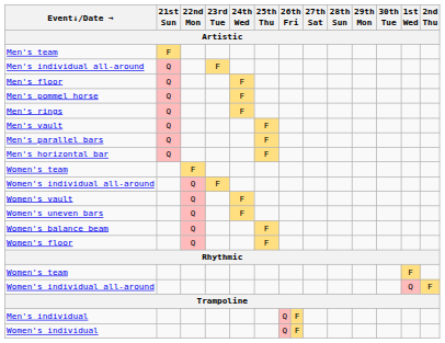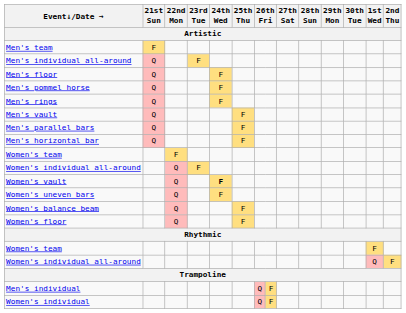 <table class="wikitable" style="margin:0.5em auto; font-size:90%; line-height:1.25em; text-align:center;">
 <tr>
 <th>Event↓/Date →</th>
 <th>21st<br>Sun</th>
 <th>22nd<br>Mon</th>
 <th>23rd<br>Tue</th>
 <th>24th<br>Wed</th>
 <th>25th<br>Thu</th>
 <th colspan=2>26th<br>Fri</th>
 <th>27th<br>Sat</th>
 <th>28th<br>Sun</th>
 <th>29th<br>Mon</th>
 <th>30th<br>Tue</th>
 <th>1st<br>Wed</th>
 <th>2nd<br>Thu</th>
 </tr>
 <tr>
 <th colspan=14>Artistic</th>
 </tr>
 <tr>
 <td align="left"><a href='#'>Men's team</a></td>
 <td bgcolor="#FFDF80">F</td>
 <td></td>
 <td></td>
 <td></td>
 <td></td>
 <td colspan=2></td>
 <td></td>
 <td></td>
 <td></td>
 <td></td>
 <td></td>
 <td></td>
 </tr>
 <tr>
 <td align="left"><a href='#'>Men's individual all-around</a></td>
 <td bgcolor="#FFBBBB">Q</td>
 <td></td>
 <td bgcolor="#FFDF80">F</td>
 <td></td>
 <td></td>
 <td colspan=2></td>
 <td></td>
 <td></td>
 <td></td>
 <td></td>
 <td></td>
 <td></td>
 </tr>
 <tr>
 <td align="left"><a href='#'>Men's floor</a></td>
 <td bgcolor="#FFBBBB">Q</td>
 <td></td>
 <td></td>
 <td bgcolor="#FFDF80">F</td>
 <td></td>
 <td colspan=2></td>
 <td></td>
 <td></td>
 <td></td>
 <td></td>
 <td></td>
 <td></td>
 </tr>
 <tr>
 <td align="left"><a href='#'>Men's pommel horse</a></td>
 <td bgcolor="#FFBBBB">Q</td>
 <td></td>
 <td></td>
 <td bgcolor="#FFDF80">F</td>
 <td></td>
 <td colspan=2></td>
 <td></td>
 <td></td>
 <td></td>
 <td></td>
 <td></td>
 <td></td>
 </tr>
 <tr>
 <td align="left"><a href='#'>Men's rings</a></td>
 <td bgcolor="#FFBBBB">Q</td>
 <td></td>
 <td></td>
 <td bgcolor="#FFDF80">F</td>
 <td></td>
 <td colspan=2></td>
 <td></td>
 <td></td>
 <td></td>
 <td></td>
 <td></td>
 <td></td>
 </tr>
 <tr>
 <td align="left"><a href='#'>Men's vault</a></td>
 <td bgcolor="#FFBBBB">Q</td>
 <td></td>
 <td></td>
 <td></td>
 <td bgcolor="#FFDF80">F</td>
 <td colspan=2></td>
 <td></td>
 <td></td>
 <td></td>
 <td></td>
 <td></td>
 <td></td>
 </tr>
 <tr>
 <td align="left"><a href='#'>Men's parallel bars</a></td>
 <td bgcolor="#FFBBBB">Q</td>
 <td></td>
 <td></td>
 <td></td>
 <td bgcolor="#FFDF80">F</td>
 <td colspan=2></td>
 <td></td>
 <td></td>
 <td></td>
 <td></td>
 <td></td>
 <td></td>
 </tr>
 <tr>
 <td align="left"><a href='#'>Men's horizontal bar</a></td>
 <td bgcolor="#FFBBBB">Q</td>
 <td></td>
 <td></td>
 <td></td>
 <td bgcolor="#FFDF80">F</td>
 <td colspan=2></td>
 <td></td>
 <td></td>
 <td></td>
 <td></td>
 <td></td>
 <td></td>
 </tr>
 <tr>
 <td align="left"><a href='#'>Women's team</a></td>
 <td></td>
 <td bgcolor="#FFDF80">F</td>
 <td></td>
 <td></td>
 <td></td>
 <td colspan=2></td>
 <td></td>
 <td></td>
 <td></td>
 <td></td>
 <td></td>
 <td></td>
 </tr>
 <tr>
 <td align="left"><a href='#'>Women's individual all-around</a></td>
 <td></td>
 <td bgcolor="#FFBBBB">Q</td>
 <td bgcolor="#FFDF80">F</td>
 <td></td>
 <td></td>
 <td colspan=2></td>
 <td></td>
 <td></td>
 <td></td>
 <td></td>
 <td></td>
 <td></td>
 </tr>
 <tr>
 <td align="left"><a href='#'>Women's vault</a></td>
 <td></td>
 <td bgcolor="#FFBBBB">Q</td>
 <td></td>
-<td bgcolor="#FFDF80">F</td>
+<td bgcolor="#FFDF80"><strong>F</strong></td>
 <td></td>
 <td colspan=2></td>
 <td></td>
 <td></td>
 <td></td>
 <td></td>
 <td></td>
 <td></td>
 </tr>
 <tr>
 <td align="left"><a href='#'>Women's uneven bars</a></td>
 <td></td>
 <td bgcolor="#FFBBBB">Q</td>
 <td></td>
 <td bgcolor="#FFDF80">F</td>
 <td></td>
 <td colspan=2></td>
 <td></td>
 <td></td>
 <td></td>
 <td></td>
 <td></td>
 <td></td>
 </tr>
 <tr>
 <td align="left"><a href='#'>Women's balance beam</a></td>
 <td></td>
 <td bgcolor="#FFBBBB">Q</td>
 <td></td>
 <td></td>
 <td bgcolor="#FFDF80">F</td>
 <td colspan=2></td>
 <td></td>
 <td></td>
 <td></td>
 <td></td>
 <td></td>
 <td></td>
 </tr>
 <tr>
 <td align="left"><a href='#'>Women's floor</a></td>
 <td></td>
 <td bgcolor="#FFBBBB">Q</td>
 <td></td>
 <td></td>
 <td bgcolor="#FFDF80">F</td>
 <td colspan=2></td>
 <td></td>
 <td></td>
 <td></td>
 <td></td>
 <td></td>
 <td></td>
 </tr>
 <tr>
 <th colspan=14>Rhythmic</th>
 </tr>
 <tr>
 <td align="left"><a href='#'>Women's team</a></td>
 <td></td>
 <td></td>
 <td></td>
 <td></td>
 <td></td>
 <td colspan=2></td>
 <td></td>
 <td></td>
 <td></td>
 <td></td>
 <td bgcolor="#FFDF80">F</td>
 <td></td>
 </tr>
 <tr>
 <td align="left"><a href='#'>Women's individual all-around</a></td>
 <td></td>
 <td></td>
 <td></td>
 <td></td>
 <td></td>
 <td colspan=2></td>
 <td></td>
 <td></td>
 <td></td>
 <td></td>
 <td bgcolor="#FFBBBB">Q</td>
 <td bgcolor="#FFDF80">F</td>
 </tr>
 <tr>
 <th colspan=14>Trampoline</th>
 </tr>
 <tr>
 <td align="left"><a href='#'>Men's individual</a></td>
 <td></td>
 <td></td>
 <td></td>
 <td></td>
 <td></td>
 <td bgcolor="#FFBBBB">Q</td>
 <td bgcolor="#FFDF80">F</td>
 <td></td>
 <td></td>
 <td></td>
 <td></td>
 <td></td>
 <td></td>
 </tr>
 <tr>
 <td align="left"><a href='#'>Women's individual</a></td>
 <td></td>
 <td></td>
 <td></td>
 <td></td>
 <td></td>
 <td bgcolor="#FFBBBB">Q</td>
 <td bgcolor="#FFDF80">F</td>
 <td></td>
 <td></td>
 <td></td>
 <td></td>
 <td></td>
 <td></td>
 </tr>
 </table>
